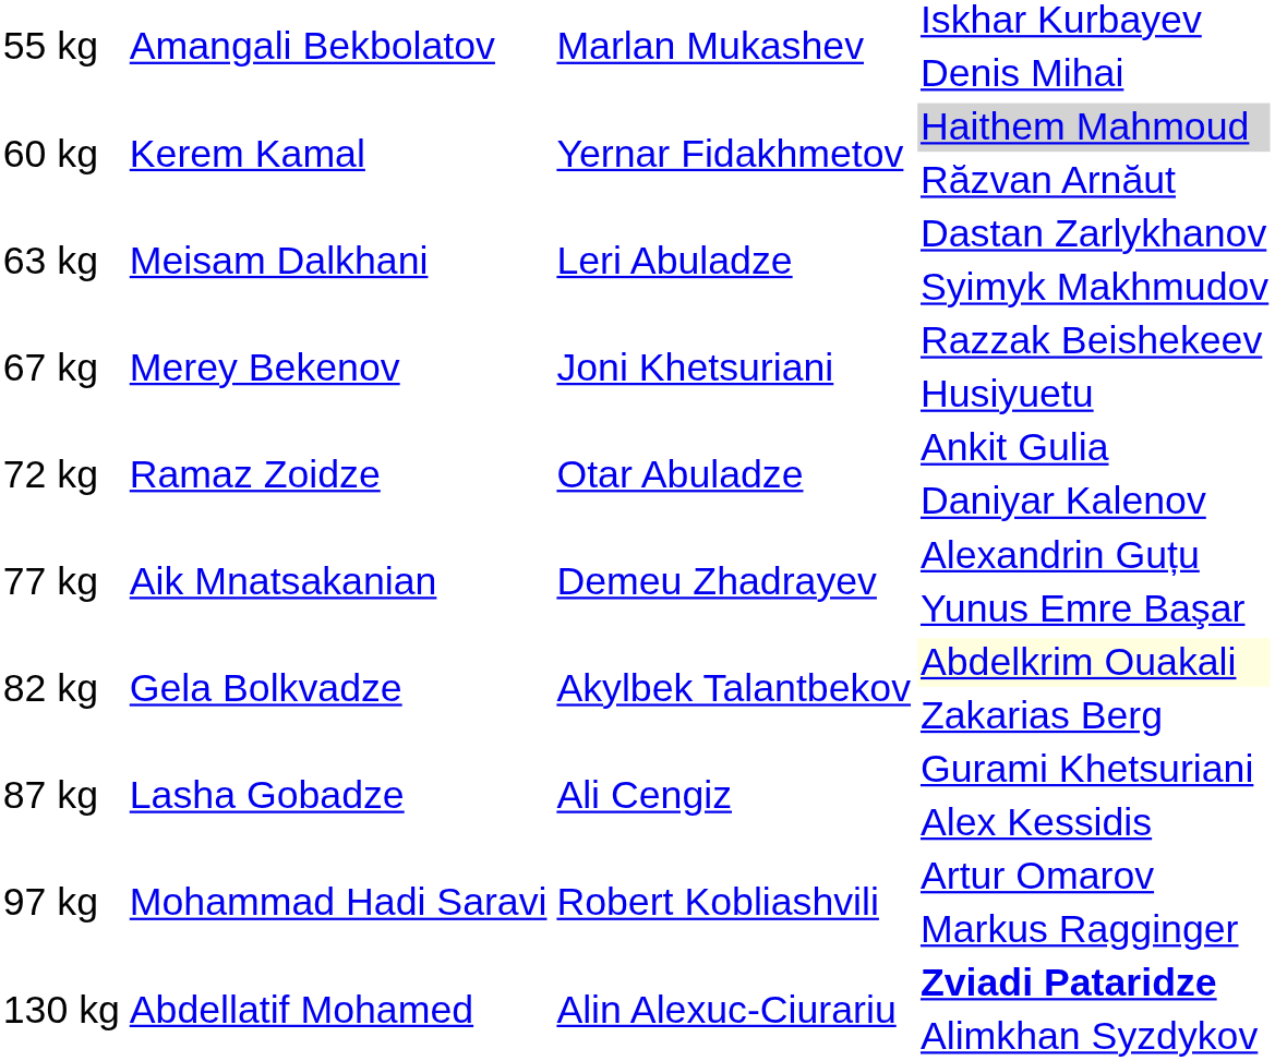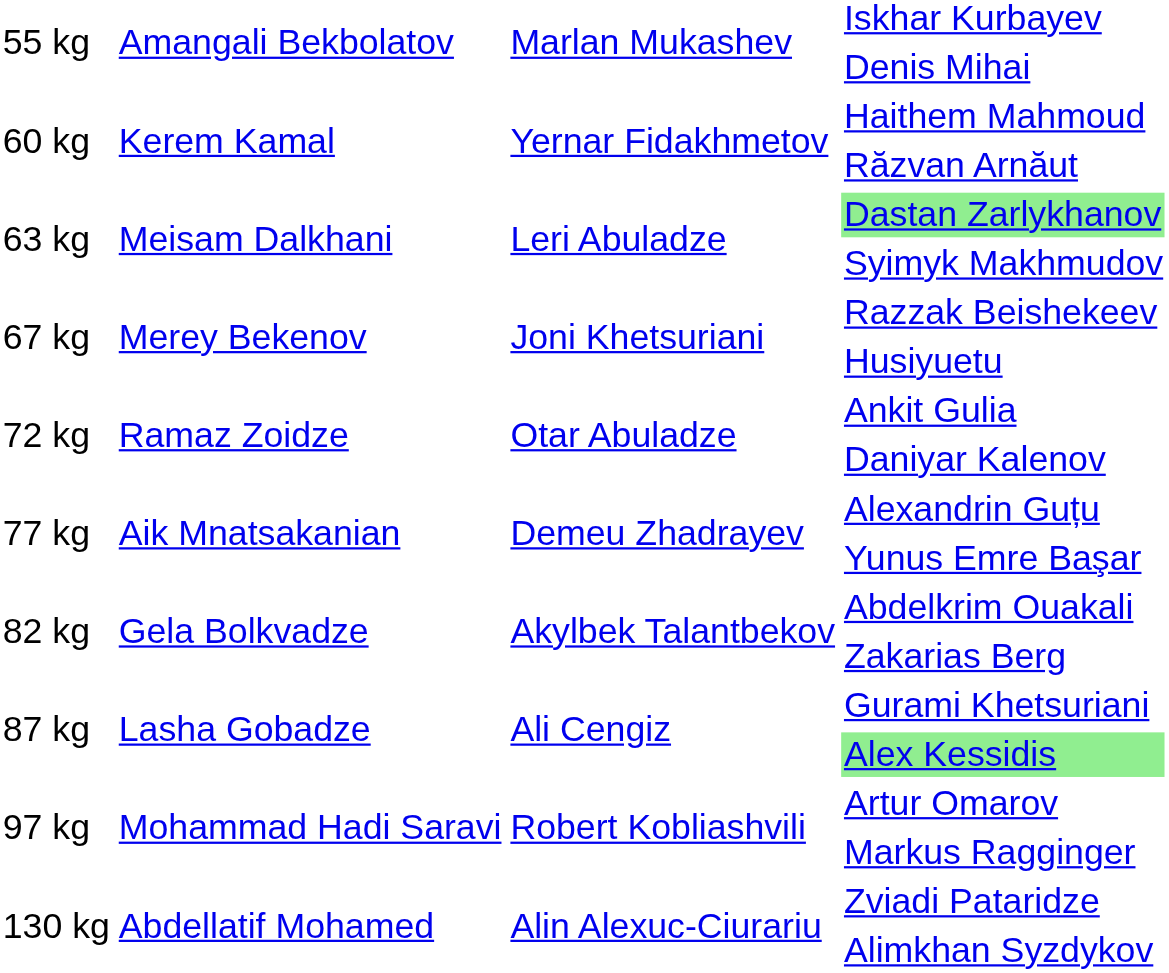 <table>
 <tr>
 <td rowspan=2>55 kg<br></td>
 <td rowspan=2><a href='#'>Amangali Bekbolatov</a><br></td>
 <td rowspan=2><a href='#'>Marlan Mukashev</a><br></td>
 <td><a href='#'>Iskhar Kurbayev</a><br></td>
 </tr>
 <tr>
 <td><a href='#'>Denis Mihai</a><br></td>
 </tr>
 <tr>
 <td rowspan=2>60 kg<br></td>
 <td rowspan=2><a href='#'>Kerem Kamal</a><br></td>
 <td rowspan=2><a href='#'>Yernar Fidakhmetov</a><br></td>
-<td style="background: lightgrey;"><a href='#'>Haithem Mahmoud</a><br></td>
+<td><a href='#'>Haithem Mahmoud</a><br></td>
 </tr>
 <tr>
 <td><a href='#'>Răzvan Arnăut</a><br></td>
 </tr>
 <tr>
 <td rowspan=2>63 kg<br></td>
 <td rowspan=2><a href='#'>Meisam Dalkhani</a><br></td>
 <td rowspan=2><a href='#'>Leri Abuladze</a><br></td>
-<td><a href='#'>Dastan Zarlykhanov</a><br></td>
+<td style="background: lightgreen;"><a href='#'>Dastan Zarlykhanov</a><br></td>
 </tr>
 <tr>
 <td><a href='#'>Syimyk Makhmudov</a><br></td>
 </tr>
 <tr>
 <td rowspan=2>67 kg<br></td>
 <td rowspan=2><a href='#'>Merey Bekenov</a><br></td>
 <td rowspan=2><a href='#'>Joni Khetsuriani</a><br></td>
 <td><a href='#'>Razzak Beishekeev</a><br></td>
 </tr>
 <tr>
 <td><a href='#'>Husiyuetu</a><br></td>
 </tr>
 <tr>
 <td rowspan=2>72 kg<br></td>
 <td rowspan=2><a href='#'>Ramaz Zoidze</a><br></td>
 <td rowspan=2><a href='#'>Otar Abuladze</a><br></td>
 <td><a href='#'>Ankit Gulia</a><br></td>
 </tr>
 <tr>
 <td><a href='#'>Daniyar Kalenov</a><br></td>
 </tr>
 <tr>
 <td rowspan=2>77 kg<br></td>
 <td rowspan=2><a href='#'>Aik Mnatsakanian</a><br></td>
 <td rowspan=2><a href='#'>Demeu Zhadrayev</a><br></td>
 <td><a href='#'>Alexandrin Guțu</a><br></td>
 </tr>
 <tr>
 <td><a href='#'>Yunus Emre Başar</a><br></td>
 </tr>
 <tr>
 <td rowspan=2>82 kg<br></td>
 <td rowspan=2><a href='#'>Gela Bolkvadze</a><br></td>
 <td rowspan=2><a href='#'>Akylbek Talantbekov</a><br></td>
-<td style="background: lightyellow;"><a href='#'>Abdelkrim Ouakali</a><br></td>
+<td><a href='#'>Abdelkrim Ouakali</a><br></td>
 </tr>
 <tr>
 <td><a href='#'>Zakarias Berg</a><br></td>
 </tr>
 <tr>
 <td rowspan=2>87 kg<br></td>
 <td rowspan=2><a href='#'>Lasha Gobadze</a><br></td>
 <td rowspan=2><a href='#'>Ali Cengiz</a><br></td>
 <td><a href='#'>Gurami Khetsuriani</a><br></td>
 </tr>
 <tr>
-<td><a href='#'>Alex Kessidis</a><br></td>
+<td style="background: lightgreen;"><a href='#'>Alex Kessidis</a><br></td>
 </tr>
 <tr>
 <td rowspan=2>97 kg<br></td>
 <td rowspan=2><a href='#'>Mohammad Hadi Saravi</a><br></td>
 <td rowspan=2><a href='#'>Robert Kobliashvili</a><br></td>
 <td><a href='#'>Artur Omarov</a><br></td>
 </tr>
 <tr>
 <td><a href='#'>Markus Ragginger</a><br></td>
 </tr>
 <tr>
 <td rowspan=2>130 kg<br></td>
 <td rowspan=2><a href='#'>Abdellatif Mohamed</a><br></td>
 <td rowspan=2><a href='#'>Alin Alexuc-Ciurariu</a><br></td>
-<td><strong><a href='#'>Zviadi Pataridze</a><br></strong></td>
+<td><a href='#'>Zviadi Pataridze</a><br></td>
 </tr>
 <tr>
 <td><a href='#'>Alimkhan Syzdykov</a><br></td>
 </tr>
 </table>
